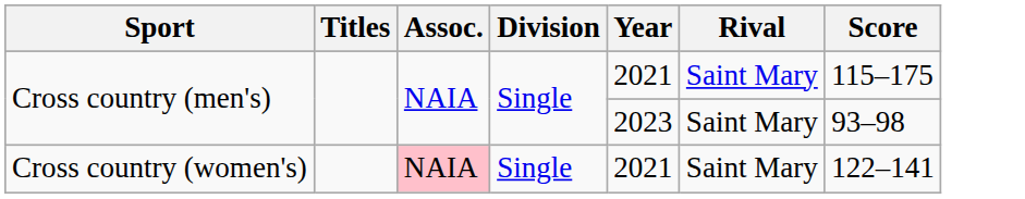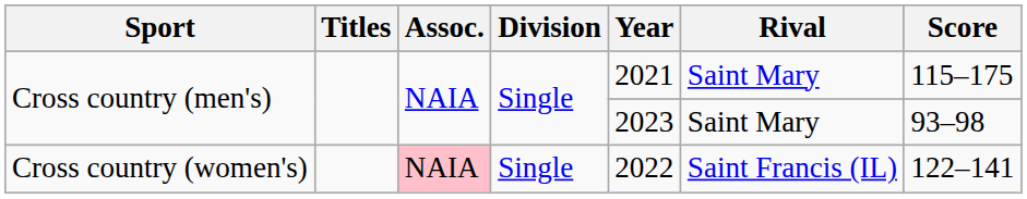 <table class="wikitable">
 <tr>
 <th width=px>Sport</th>
 <th width=px>Titles</th>
 <th width=px>Assoc.</th>
 <th width=px>Division</th>
 <th width=px>Year</th>
 <th width=px>Rival</th>
 <th width=px>Score</th>
 </tr>
 <tr>
 <td rowspan="2">Cross country (men's)</td>
 <td rowspan=2></td>
 <td rowspan="2"><a href='#'>NAIA</a></td>
 <td rowspan="2"><a href='#'>Single</a></td>
 <td>2021</td>
 <td><a href='#'>Saint Mary</a></td>
 <td>115–175</td>
 </tr>
 <tr>
 <td>2023</td>
 <td>Saint Mary</td>
 <td>93–98</td>
 </tr>
 <tr>
 <td rowspan="1">Cross country (women's)</td>
 <td></td>
 <td rowspan="1" style="background: pink;">NAIA</td>
 <td rowspan="1"><a href='#'>Single</a></td>
-<td>2021</td>
-<td>Saint Mary</td>
+<td>2022</td>
+<td><a href='#'>Saint Francis (IL)</a></td>
 <td>122–141</td>
 </tr>
 </table>
